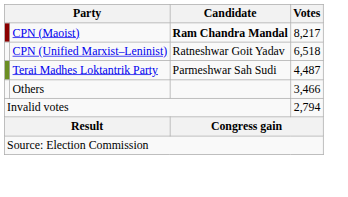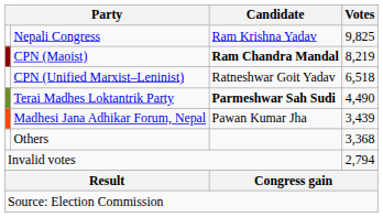 <table class="wikitable">
 <tr>
 <th colspan="2">Party</th>
 <th>Candidate</th>
 <th>Votes</th>
 </tr>
 <tr>
+<td style="background-color:"></td>
+<td><a href='#'>Nepali Congress</a></td>
+<td><a href='#'>Ram Krishna Yadav</a></td>
+<td style="text-align:right">9,825</td>
+</tr>
+<tr>
 <td style="background-color:darkred"></td>
 <td><a href='#'>CPN (Maoist)</a></td>
 <td><strong>Ram Chandra Mandal</strong></td>
-<td style="text-align:right">8,217</td>
+<td style="text-align:right">8,219</td>
 </tr>
 <tr>
 <td style="background-color:"></td>
 <td><a href='#'>CPN (Unified Marxist–Leninist)</a></td>
 <td>Ratneshwar Goit Yadav</td>
 <td style="text-align:right">6,518</td>
 </tr>
 <tr>
 <td style="background-color:olivedrab"></td>
 <td><a href='#'>Terai Madhes Loktantrik Party</a></td>
-<td>Parmeshwar Sah Sudi</td>
-<td style="text-align:right">4,487</td>
+<td><strong>Parmeshwar Sah Sudi</strong></td>
+<td style="text-align:right">4,490</td>
+</tr>
+<tr>
+<td style="background-color:orangered"></td>
+<td><a href='#'>Madhesi Jana Adhikar Forum, Nepal</a></td>
+<td>Pawan Kumar Jha</td>
+<td style="text-align:right">3,439</td>
 </tr>
 <tr>
 <td></td>
 <td>Others</td>
 <td></td>
-<td style="text-align:right">3,466</td>
+<td style="text-align:right">3,368</td>
 </tr>
 <tr>
 <td colspan="3">Invalid votes</td>
 <td style="text-align:right">2,794</td>
 </tr>
 <tr>
 <th colspan="2">Result</th>
 <th colspan="2">Congress gain</th>
 </tr>
 <tr>
 <td colspan="4">Source: Election Commission</td>
 </tr>
 </table>
